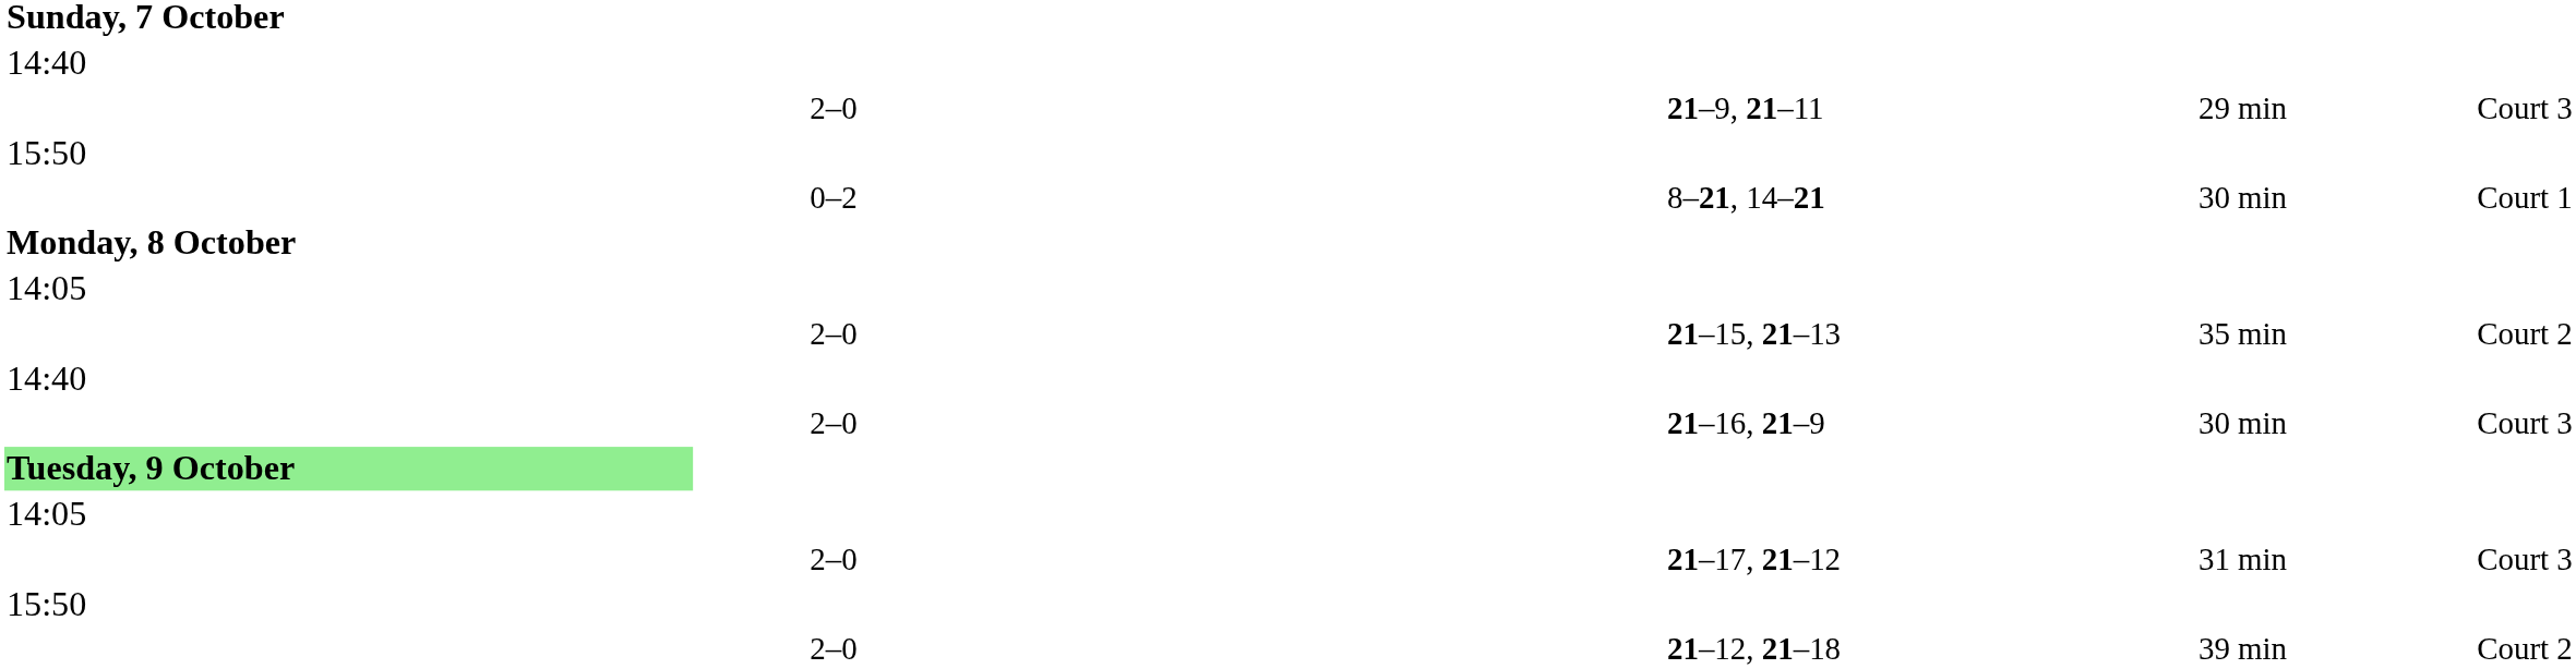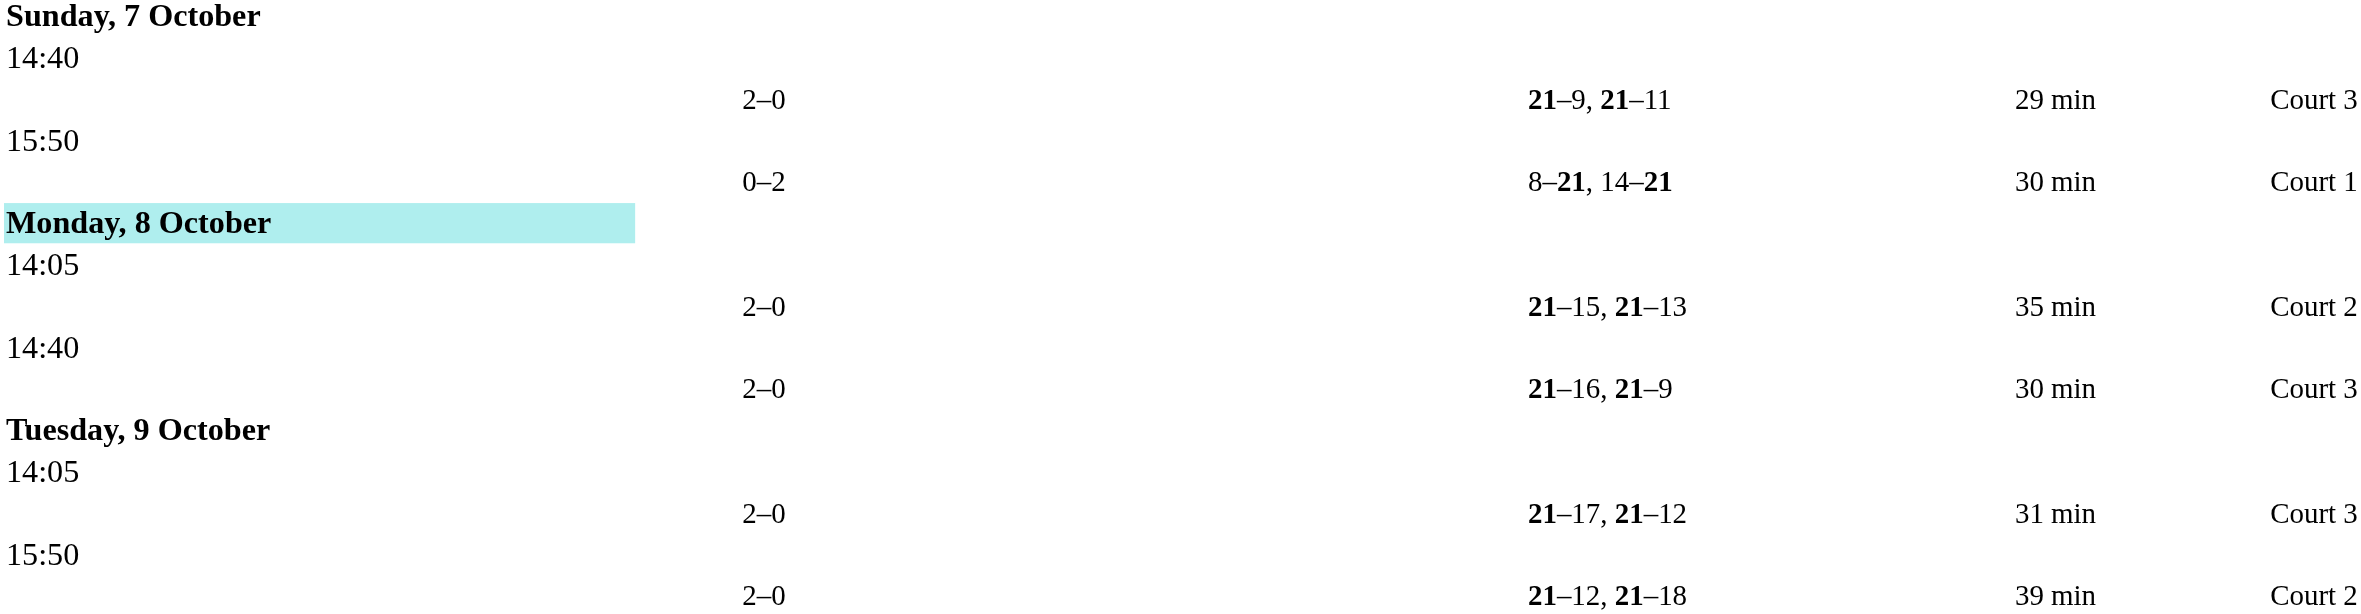 <table style="width:100%;" cellspacing="1">
 <tr>
 <th width=25%></th>
 <th width=10%></th>
 <th width=25%></th>
 </tr>
 <tr>
 <td><strong>Sunday, 7 October</strong></td>
 </tr>
 <tr>
 <td>14:40</td>
 </tr>
 <tr style=font-size:90%>
 <td align=right><strong></strong></td>
 <td align=center>2–0</td>
 <td></td>
 <td><strong>21</strong>–9, <strong>21</strong>–11</td>
 <td>29 min</td>
 <td>Court 3</td>
 </tr>
 <tr>
 <td>15:50</td>
 </tr>
 <tr style=font-size:90%>
 <td align=right></td>
 <td align=center>0–2</td>
 <td><strong></strong></td>
 <td>8–<strong>21</strong>, 14–<strong>21</strong></td>
 <td>30 min</td>
 <td>Court 1</td>
 </tr>
 <tr>
-<td><strong>Monday, 8 October</strong></td>
+<td style="background: paleturquoise;"><strong>Monday, 8 October</strong></td>
 </tr>
 <tr>
 <td>14:05</td>
 </tr>
 <tr style=font-size:90%>
 <td align=right><strong></strong></td>
 <td align=center>2–0</td>
 <td></td>
 <td><strong>21</strong>–15, <strong>21</strong>–13</td>
 <td>35 min</td>
 <td>Court 2</td>
 </tr>
 <tr>
 <td>14:40</td>
 </tr>
 <tr style=font-size:90%>
 <td align=right><strong></strong></td>
 <td align=center>2–0</td>
 <td></td>
 <td><strong>21</strong>–16, <strong>21</strong>–9</td>
 <td>30 min</td>
 <td>Court 3</td>
 </tr>
 <tr>
-<td style="background: lightgreen;"><strong>Tuesday, 9 October</strong></td>
+<td><strong>Tuesday, 9 October</strong></td>
 </tr>
 <tr>
 <td>14:05</td>
 </tr>
 <tr style=font-size:90%>
 <td align=right><strong></strong></td>
 <td align=center>2–0</td>
 <td></td>
 <td><strong>21</strong>–17,  <strong>21</strong>–12</td>
 <td>31 min</td>
 <td>Court 3</td>
 </tr>
 <tr>
 <td>15:50</td>
 </tr>
 <tr style=font-size:90%>
 <td align=right><strong></strong></td>
 <td align=center>2–0</td>
 <td></td>
 <td><strong>21</strong>–12, <strong>21</strong>–18</td>
 <td>39 min</td>
 <td>Court 2</td>
 </tr>
 </table>
